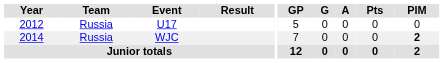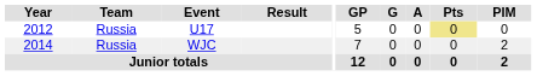 <table border="0" cellpadding="1" cellspacing="0" ID="Table3" style="text-align:center; width:40em">
 <tr ALIGN="center" bgcolor="#e0e0e0">
 <th>Year</th>
 <th>Team</th>
 <th>Event</th>
 <th>Result</th>
 <th rowspan="99" bgcolor="#ffffff"></th>
 <th>GP</th>
 <th>G</th>
 <th>A</th>
 <th>Pts</th>
 <th>PIM</th>
 </tr>
 <tr>
 <td><a href='#'>2012</a></td>
 <td><a href='#'>Russia</a></td>
 <td><a href='#'>U17</a></td>
 <td></td>
 <td>5</td>
 <td>0</td>
 <td>0</td>
-<td>0</td>
+<td style="background: khaki;">0</td>
 <td>0</td>
 </tr>
 <tr bgcolor="#f0f0f0">
 <td><a href='#'>2014</a></td>
 <td><a href='#'>Russia</a></td>
 <td><a href='#'>WJC</a></td>
 <td></td>
 <td>7</td>
 <td>0</td>
 <td>0</td>
 <td>0</td>
-<td><strong>2</strong></td>
+<td>2</td>
 </tr>
 <tr bgcolor="#e0e0e0">
 <th colspan="4">Junior totals</th>
 <th>12</th>
 <th>0</th>
 <th>0</th>
 <th>0</th>
 <th>2</th>
 </tr>
 </table>
